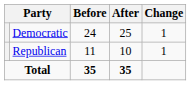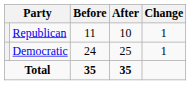 <table class="wikitable" style="text-align:center;">
 <tr>
 <th colspan="2">Party</th>
 <th>Before</th>
 <th>After</th>
 <th>Change</th>
 </tr>
 <tr>
 <th style="background-color:"></th>
-<td style="text-align:left;"><a href='#'>Democratic</a></td>
-<td>24</td>
-<td>25</td>
+<td style="text-align:left;"><a href='#'>Republican</a></td>
+<td>11</td>
+<td>10</td>
 <td> 1</td>
 </tr>
 <tr>
 <th style="background-color:"></th>
-<td style="text-align:left;"><a href='#'>Republican</a></td>
-<td>11</td>
-<td>10</td>
+<td style="text-align:left;"><a href='#'>Democratic</a></td>
+<td>24</td>
+<td>25</td>
 <td> 1</td>
 </tr>
 <tr>
 <td colspan="2"><strong>Total</strong></td>
 <td><strong>35</strong></td>
 <td><strong>35</strong></td>
 <td></td>
 </tr>
 </table>
